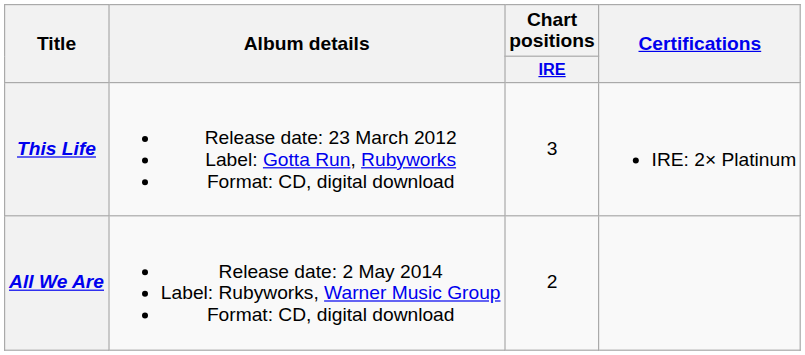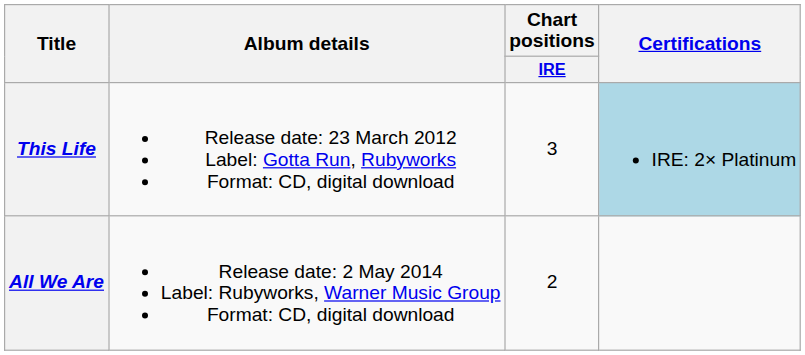 <table class="wikitable plainrowheaders" style="text-align:center;" border="1">
 <tr>
 <th scope="col" rowspan="2">Title</th>
 <th scope="col" rowspan="2">Album details</th>
 <th scope="col" colspan="1">Chart positions</th>
 <th scope="col" rowspan="2"><a href='#'>Certifications</a></th>
 </tr>
 <tr>
 <th scope="col" style="width:3em;font-size:85%;"><a href='#'>IRE</a><br></th>
 </tr>
 <tr>
 <th scope="row"><em><a href='#'>This Life</a></em></th>
 <td><br><ul><li>Release date: 23 March 2012</li><li>Label: <a href='#'>Gotta Run</a>, <a href='#'>Rubyworks</a></li><li>Format: CD, digital download</li></ul></td>
 <td>3</td>
-<td><br><ul><li>IRE: 2× Platinum</li></ul></td>
+<td style="background: lightblue;"><br><ul><li>IRE: 2× Platinum</li></ul></td>
 </tr>
 <tr>
 <th scope="row"><em><a href='#'>All We Are</a></em></th>
 <td><br><ul><li>Release date: 2 May 2014</li><li>Label: Rubyworks, <a href='#'>Warner Music Group</a></li><li>Format: CD, digital download</li></ul></td>
 <td>2</td>
 <td></td>
 </tr>
 </table>
